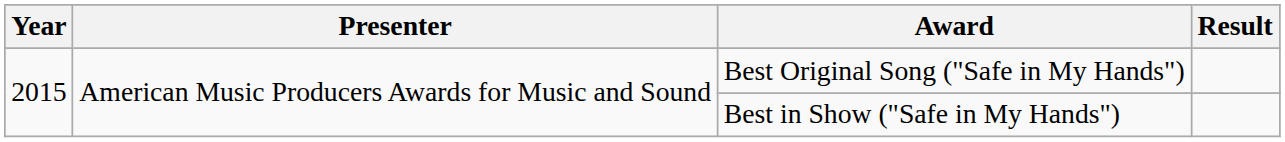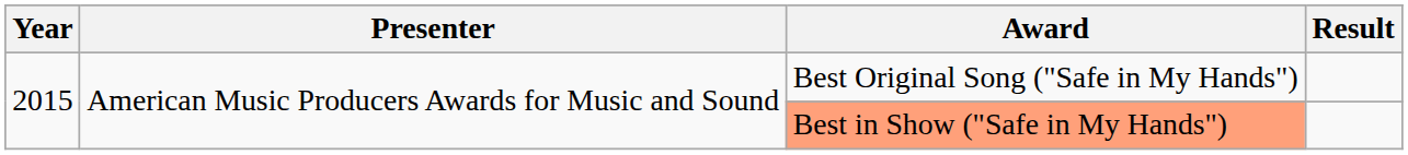 <table class="wikitable">
 <tr>
 <th>Year</th>
 <th>Presenter</th>
 <th>Award</th>
 <th>Result</th>
 </tr>
 <tr>
 <td rowspan="2">2015</td>
 <td rowspan="2">American Music Producers Awards for Music and Sound</td>
 <td>Best Original Song ("Safe in My Hands")</td>
 <td></td>
 </tr>
 <tr>
-<td>Best in Show ("Safe in My Hands")</td>
+<td style="background: lightsalmon;">Best in Show ("Safe in My Hands")</td>
 <td></td>
 </tr>
 </table>
